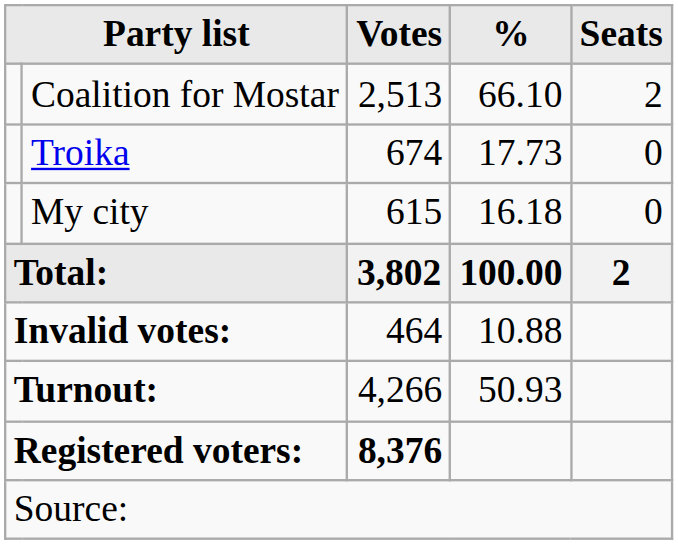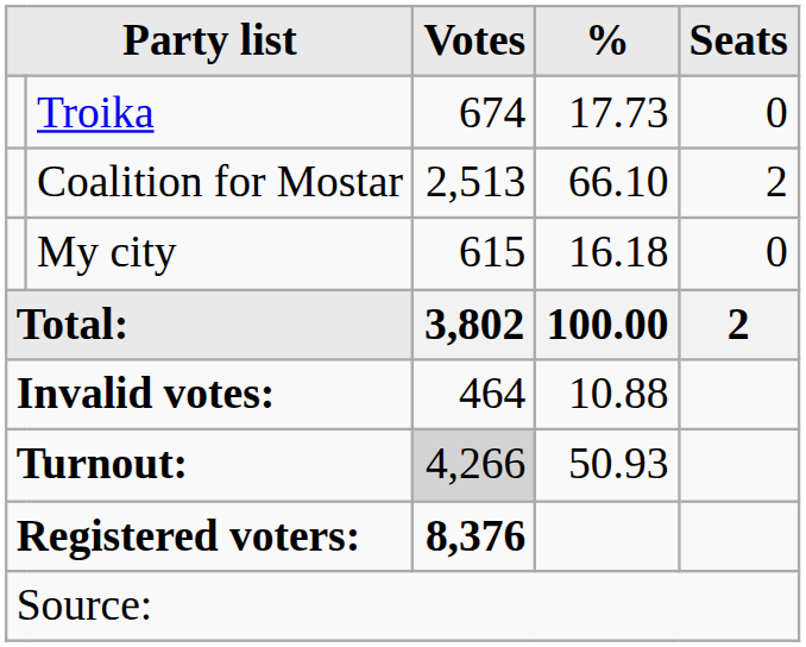 <table class="wikitable" border="1">
 <tr>
 <th colspan="2" align="center" style="background-color:#E9E9E9">Party list</th>
 <th align="center" style="background-color:#E9E9E9">Votes</th>
 <th align="center" style="background-color:#E9E9E9">%</th>
 <th align="center" style="background-color:#E9E9E9">Seats</th>
 </tr>
 <tr>
 <td></td>
+<td align="left"><a href='#'>Troika</a></td>
+<td align="right">674</td>
+<td align="right">17.73</td>
+<td align="right">0</td>
+</tr>
+<tr>
+<td></td>
 <td align="left">Coalition for Mostar</td>
 <td align="right">2,513</td>
 <td align="right">66.10</td>
 <td align="right">2</td>
-</tr>
-<tr>
-<td></td>
-<td align="left"><a href='#'>Troika</a></td>
-<td align="right">674</td>
-<td align="right">17.73</td>
-<td align="right">0</td>
 </tr>
 <tr>
 <td></td>
 <td align="left">My city</td>
 <td align="right">615</td>
 <td align="right">16.18</td>
 <td align="right">0</td>
 </tr>
 <tr style="background-color:#E9E9E9">
 <td colspan="2" align="left"><strong>Total:</strong></td>
 <th align="right">3,802</th>
 <th align="right">100.00</th>
 <th align="right">2</th>
 </tr>
 <tr>
 <td colspan="2" align="left"><strong>Invalid votes:</strong></td>
 <td align="right">464</td>
 <td align="right">10.88</td>
 <td align="right"></td>
 </tr>
 <tr>
 <td colspan="2" align="left"><strong>Turnout:</strong></td>
-<td align="right">4,266</td>
+<td align="right" style="background: lightgrey;">4,266</td>
 <td align="right">50.93</td>
 <td align="right"></td>
 </tr>
 <tr>
 <td colspan="2" align="left"><strong>Registered voters:</strong></td>
 <td align="right"><strong>8,376</strong></td>
 <td align="right"></td>
 <td align="right"></td>
 </tr>
 <tr>
 <td colspan="5" align="left">Source: </td>
 </tr>
 </table>
